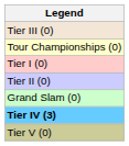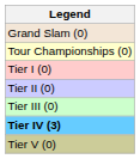 <table class="wikitable sortable mw-collapsible mw-collapsed">
 <tr>
 <th>Legend</th>
 </tr>
 <tr style="background:#f3e6d7;">
-<td>Tier III (0)</td>
+<td>Grand Slam (0)</td>
 </tr>
 <tr style="background:#ffc;">
 <td>Tour Championships (0)</td>
 </tr>
 <tr bgcolor="#FFCCCC">
 <td>Tier I (0)</td>
 </tr>
 <tr style="background:#ccf;">
 <td>Tier II (0)</td>
 </tr>
 <tr style="background:#cfc;">
-<td>Grand Slam (0)</td>
+<td>Tier III (0)</td>
 </tr>
 <tr style="background:#6cf;">
 <td><strong>Tier IV (3)</strong></td>
 </tr>
 <tr style="background:#cc9;">
 <td>Tier V (0)</td>
 </tr>
 </table>
